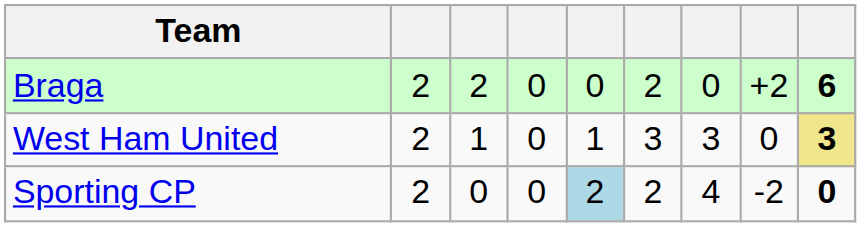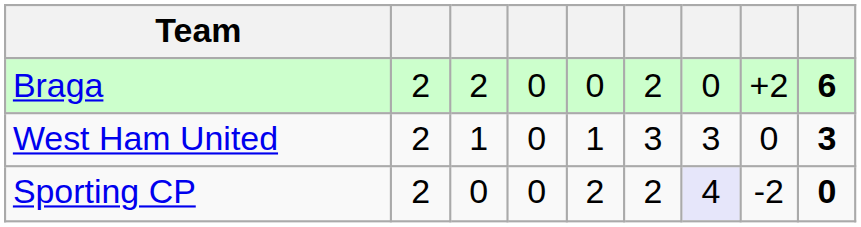 <table class="wikitable" style="text-align:center">
 <tr>
 <th width="175">Team</th>
 <th width="20"></th>
 <th width="20"></th>
 <th width="20"></th>
 <th width="20"></th>
 <th width="20"></th>
 <th width="20"></th>
 <th width="20"></th>
 <th width="20"></th>
 </tr>
 <tr bgcolor=ccffcc>
 <td align=left> <a href='#'>Braga</a></td>
 <td>2</td>
 <td>2</td>
 <td>0</td>
 <td>0</td>
 <td>2</td>
 <td>0</td>
 <td>+2</td>
 <td><strong>6</strong></td>
 </tr>
 <tr>
 <td align=left> <a href='#'>West Ham United</a></td>
 <td>2</td>
 <td>1</td>
 <td>0</td>
 <td>1</td>
 <td>3</td>
 <td>3</td>
 <td>0</td>
-<td style="background: khaki;"><strong>3</strong></td>
+<td><strong>3</strong></td>
 </tr>
 <tr>
 <td align=left> <a href='#'>Sporting CP</a></td>
 <td>2</td>
 <td>0</td>
 <td>0</td>
-<td style="background: lightblue;">2</td>
 <td>2</td>
-<td>4</td>
+<td>2</td>
+<td style="background: lavender;">4</td>
 <td>-2</td>
 <td><strong>0</strong></td>
 </tr>
 </table>
